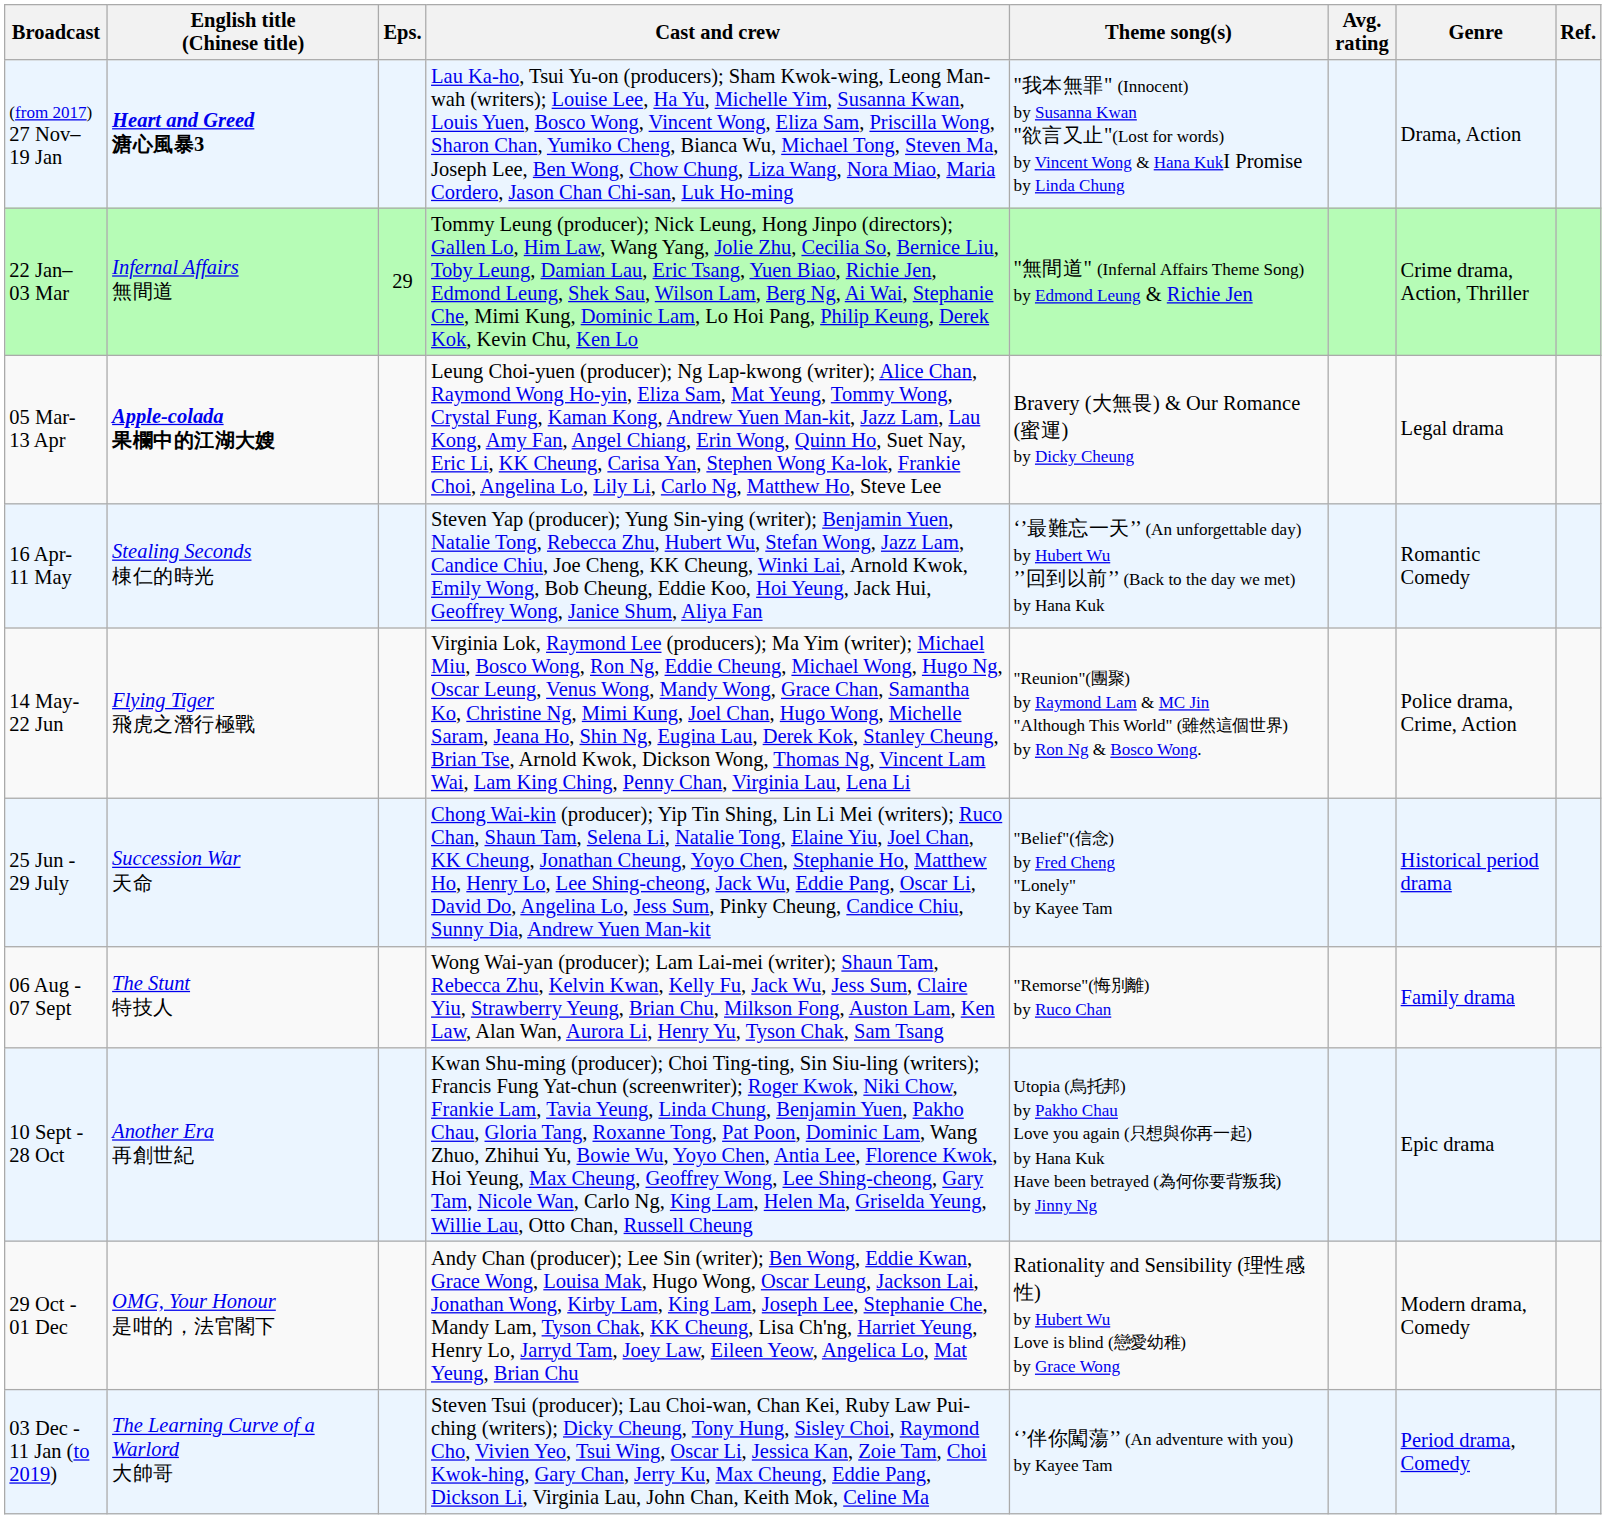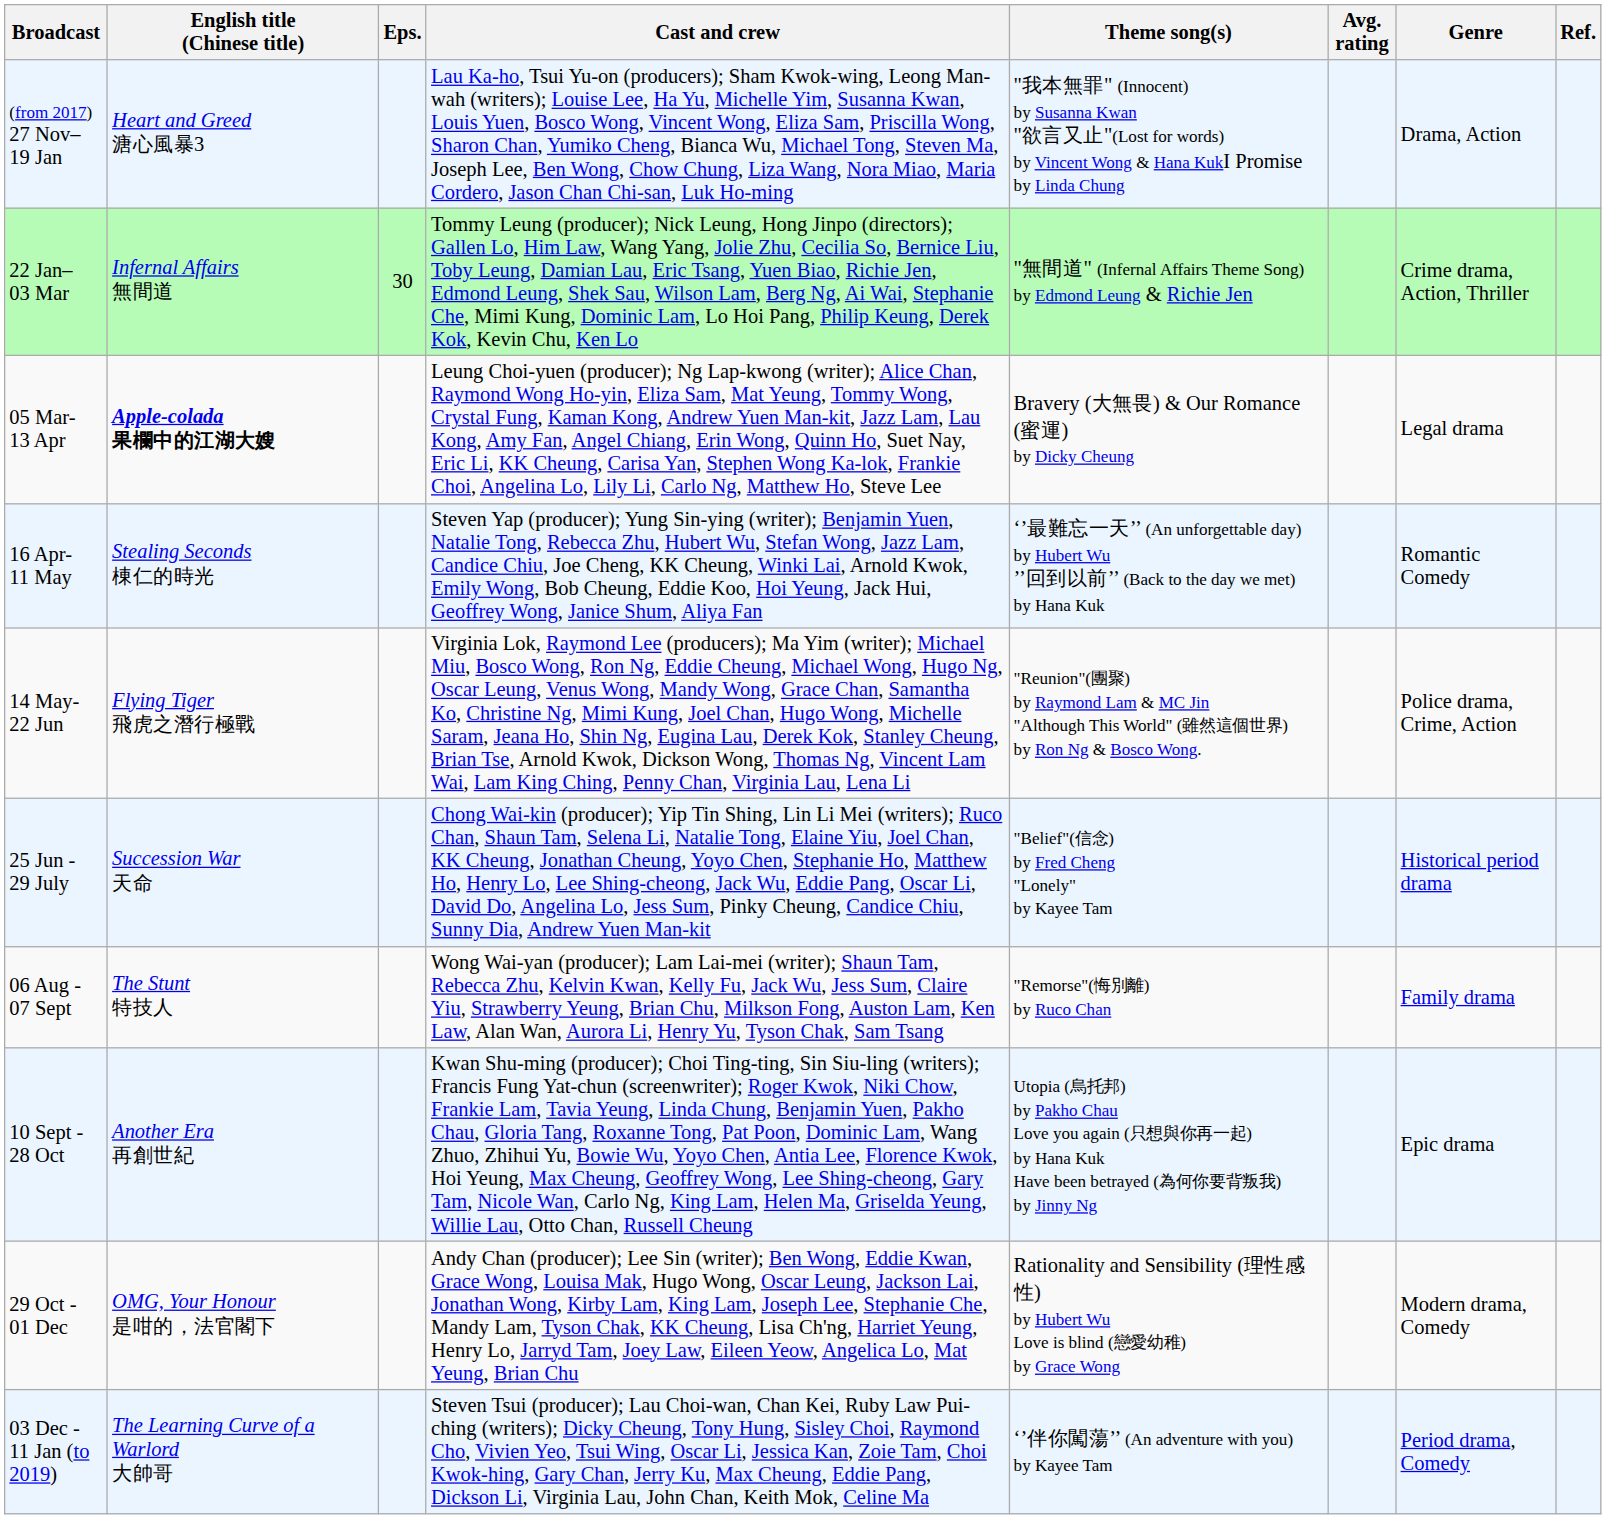 <table class="wikitable sortable">
 <tr>
 <th>Broadcast</th>
 <th style="width:17%;">English title <br> (Chinese title)</th>
 <th>Eps.</th>
 <th>Cast and crew</th>
 <th style="width:20%;">Theme song(s)</th>
 <th>Avg. rating</th>
 <th style="width:10%;">Genre</th>
 <th>Ref.</th>
 </tr>
 <tr ---- bgcolor="#ebf5ff">
 <td><small>(<a href='#'>from 2017</a>) </small><br>27 Nov–<br> 19 Jan</td>
-<td><strong><em><a href='#'>Heart and Greed</a></em><br>溏心風暴3</strong></td>
+<td><em><a href='#'>Heart and Greed</a></em><br>溏心風暴3</td>
 <td></td>
 <td><a href='#'>Lau Ka-ho</a>, Tsui Yu-on (producers); Sham Kwok-wing, Leong Man-wah (writers); <a href='#'>Louise Lee</a>, <a href='#'>Ha Yu</a>, <a href='#'>Michelle Yim</a>, <a href='#'>Susanna Kwan</a>, <a href='#'>Louis Yuen</a>, <a href='#'>Bosco Wong</a>, <a href='#'>Vincent Wong</a>, <a href='#'>Eliza Sam</a>, <a href='#'>Priscilla Wong</a>, <a href='#'>Sharon Chan</a>, <a href='#'>Yumiko Cheng</a>, Bianca Wu, <a href='#'>Michael Tong</a>, <a href='#'>Steven Ma</a>, Joseph Lee, <a href='#'>Ben Wong</a>, <a href='#'>Chow Chung</a>, <a href='#'>Liza Wang</a>, <a href='#'>Nora Miao</a>, <a href='#'>Maria Cordero</a>, <a href='#'>Jason Chan Chi-san</a>, <a href='#'>Luk Ho-ming</a></td>
 <td>"我本無罪" <small>(Innocent)</small><br><small>by <a href='#'>Susanna Kwan</a></small> <br>"欲言又止"<small>(Lost for words)</small><br><small>by <a href='#'>Vincent Wong</a> & <a href='#'>Hana Kuk</a></small>I Promise<br><small>by <a href='#'>Linda Chung</a></small></td>
 <td></td>
 <td>Drama, Action</td>
 <td></td>
 </tr>
 <tr --- bgcolor="#b6fcb6">
 <td>22 Jan–<br>03 Mar</td>
 <td><em><a href='#'>Infernal Affairs</a></em> <br>無間道</td>
-<td style="text-align:center;">29</td>
+<td style="text-align:center;">30</td>
 <td>Tommy Leung (producer); Nick Leung, Hong Jinpo (directors); <a href='#'>Gallen Lo</a>, <a href='#'>Him Law</a>, Wang Yang, <a href='#'>Jolie Zhu</a>, <a href='#'>Cecilia So</a>, <a href='#'>Bernice Liu</a>, <a href='#'>Toby Leung</a>, <a href='#'>Damian Lau</a>, <a href='#'>Eric Tsang</a>, <a href='#'>Yuen Biao</a>, <a href='#'>Richie Jen</a>, <a href='#'>Edmond Leung</a>, <a href='#'>Shek Sau</a>, <a href='#'>Wilson Lam</a>, <a href='#'>Berg Ng</a>, <a href='#'>Ai Wai</a>, <a href='#'>Stephanie Che</a>, Mimi Kung, <a href='#'>Dominic Lam</a>, Lo Hoi Pang, <a href='#'>Philip Keung</a>, <a href='#'>Derek Kok</a>, Kevin Chu, <a href='#'>Ken Lo</a></td>
 <td>"無間道" <small>(Infernal Affairs Theme Song)</small><br><small>by <a href='#'>Edmond Leung</a></small> & <a href='#'>Richie Jen</a></td>
 <td></td>
 <td>Crime drama, Action, Thriller</td>
 <td></td>
 </tr>
 <tr>
 <td>05 Mar-<br>13 Apr</td>
 <td><strong><em><a href='#'>Apple-colada</a></em> <br>果欄中的江湖大嫂</strong></td>
 <td></td>
 <td>Leung Choi-yuen (producer); Ng Lap-kwong (writer); <a href='#'>Alice Chan</a>, <a href='#'>Raymond Wong Ho-yin</a>, <a href='#'>Eliza Sam</a>,  <a href='#'>Mat Yeung</a>, <a href='#'>Tommy Wong</a>, <a href='#'>Crystal Fung</a>, <a href='#'>Kaman Kong</a>, <a href='#'>Andrew Yuen Man-kit</a>, <a href='#'>Jazz Lam</a>, <a href='#'>Lau Kong</a>, <a href='#'>Amy Fan</a>, <a href='#'>Angel Chiang</a>, <a href='#'>Erin Wong</a>, <a href='#'>Quinn Ho</a>, Suet Nay, <a href='#'>Eric Li</a>, <a href='#'>KK Cheung</a>, <a href='#'>Carisa Yan</a>, <a href='#'>Stephen Wong Ka-lok</a>, <a href='#'>Frankie Choi</a>, <a href='#'>Angelina Lo</a>, <a href='#'>Lily Li</a>, <a href='#'>Carlo Ng</a>, <a href='#'>Matthew Ho</a>, Steve Lee</td>
 <td>Bravery (大無畏) & Our Romance (蜜運) <br> <small> by <a href='#'>Dicky Cheung</a> </small></td>
 <td></td>
 <td>Legal drama</td>
 <td></td>
 </tr>
 <tr --- bgcolor="#ebf5ff">
 <td>16 Apr-<br>11 May</td>
 <td><em><a href='#'>Stealing Seconds</a></em> <br>棟仁的時光</td>
 <td style=“text-align:center;”></td>
 <td>Steven Yap (producer); Yung Sin-ying (writer); <a href='#'>Benjamin Yuen</a>, <a href='#'>Natalie Tong</a>, <a href='#'>Rebecca Zhu</a>, <a href='#'>Hubert Wu</a>, <a href='#'>Stefan Wong</a>, <a href='#'>Jazz Lam</a>, <a href='#'>Candice Chiu</a>, Joe Cheng, KK Cheung, <a href='#'>Winki Lai</a>, Arnold Kwok, <a href='#'>Emily Wong</a>, Bob Cheung, Eddie Koo, <a href='#'>Hoi Yeung</a>, Jack Hui, <a href='#'>Geoffrey Wong</a>, <a href='#'>Janice Shum</a>, <a href='#'>Aliya Fan</a></td>
 <td>‘’最難忘一天’’ <small>(An unforgettable day)</small><br><small> by <a href='#'>Hubert Wu</a></small> <br>’’回到以前’’ <small>(Back to the day we met)</small><br><small>by Hana Kuk</small></td>
 <td></td>
 <td>Romantic Comedy</td>
 <td></td>
 </tr>
 <tr>
 <td>14 May-<br>22 Jun</td>
 <td><em><a href='#'>Flying Tiger</a></em> <br>飛虎之潛行極戰</td>
 <td></td>
 <td>Virginia Lok, <a href='#'>Raymond Lee</a> (producers); Ma Yim (writer); <a href='#'>Michael Miu</a>, <a href='#'>Bosco Wong</a>, <a href='#'>Ron Ng</a>, <a href='#'>Eddie Cheung</a>, <a href='#'>Michael Wong</a>, <a href='#'>Hugo Ng</a>,  <a href='#'>Oscar Leung</a>, <a href='#'>Venus Wong</a>, <a href='#'>Mandy Wong</a>, <a href='#'>Grace Chan</a>, <a href='#'>Samantha Ko</a>, <a href='#'>Christine Ng</a>, <a href='#'>Mimi Kung</a>, <a href='#'>Joel Chan</a>, <a href='#'>Hugo Wong</a>, <a href='#'>Michelle Saram</a>, <a href='#'>Jeana Ho</a>, <a href='#'>Shin Ng</a>, <a href='#'>Eugina Lau</a>, <a href='#'>Derek Kok</a>, <a href='#'>Stanley Cheung</a>, <a href='#'>Brian Tse</a>, Arnold Kwok, Dickson Wong, <a href='#'>Thomas Ng</a>, <a href='#'>Vincent Lam Wai</a>, <a href='#'>Lam King Ching</a>, <a href='#'>Penny Chan</a>, <a href='#'>Virginia Lau</a>, <a href='#'>Lena Li</a></td>
 <td><small>"Reunion"(團聚) </small>  <small> <br> by <a href='#'>Raymond Lam</a> & <a href='#'>MC Jin</a> </small> <br>  <small> "Although This World" (雖然這個世界) </small> <br> <small> by <a href='#'>Ron Ng</a> & <a href='#'>Bosco Wong</a>.<br> </small></td>
 <td></td>
 <td>Police drama, Crime, Action</td>
 <td></td>
 </tr>
 <tr --- bgcolor="#ebf5ff">
 <td>25 Jun -<br>29 July</td>
 <td><em><a href='#'>Succession War</a></em><br>天命</td>
 <td></td>
 <td><a href='#'>Chong Wai-kin</a> (producer); Yip Tin Shing, Lin Li Mei (writers); <a href='#'>Ruco Chan</a>, <a href='#'>Shaun Tam</a>, <a href='#'>Selena Li</a>, <a href='#'>Natalie Tong</a>, <a href='#'>Elaine Yiu</a>, <a href='#'>Joel Chan</a>, <a href='#'>KK Cheung</a>, <a href='#'>Jonathan Cheung</a>, <a href='#'>Yoyo Chen</a>, <a href='#'>Stephanie Ho</a>, <a href='#'>Matthew Ho</a>, <a href='#'>Henry Lo</a>, <a href='#'>Lee Shing-cheong</a>, <a href='#'>Jack Wu</a>, <a href='#'>Eddie Pang</a>, <a href='#'>Oscar Li</a>, <a href='#'>David Do</a>, <a href='#'>Angelina Lo</a>, <a href='#'>Jess Sum</a>, Pinky Cheung, <a href='#'>Candice Chiu</a>, <a href='#'>Sunny Dia</a>, <a href='#'>Andrew Yuen Man-kit</a></td>
 <td><small>"Belief"(信念) </small> <br> <small> by <a href='#'>Fred Cheng</a> </small> <br> <small> "Lonely" </small> <br> <small> by Kayee Tam</small></td>
 <td></td>
 <td><a href='#'>Historical period drama</a></td>
 <td></td>
 </tr>
 <tr>
 <td>06 Aug -<br>07 Sept</td>
 <td><em><a href='#'>The Stunt</a></em> <br>特技人</td>
 <td></td>
 <td>Wong Wai-yan (producer); Lam Lai-mei (writer); <a href='#'>Shaun Tam</a>,  <a href='#'>Rebecca Zhu</a>, <a href='#'>Kelvin Kwan</a>, <a href='#'>Kelly Fu</a>, <a href='#'>Jack Wu</a>, <a href='#'>Jess Sum</a>, <a href='#'>Claire Yiu</a>, <a href='#'>Strawberry Yeung</a>, <a href='#'>Brian Chu</a>,  <a href='#'>Milkson Fong</a>, <a href='#'>Auston Lam</a>, <a href='#'>Ken Law</a>, Alan Wan, <a href='#'>Aurora Li</a>, <a href='#'>Henry Yu</a>, <a href='#'>Tyson Chak</a>, <a href='#'>Sam Tsang</a></td>
 <td><small>"Remorse"(悔別離) </small> <br> <small> by <a href='#'>Ruco Chan</a></small></td>
 <td></td>
 <td><a href='#'>Family drama</a></td>
 <td></td>
 </tr>
 <tr --- bgcolor="#ebf5ff">
 <td>10 Sept -<br>28 Oct</td>
 <td><em><a href='#'>Another Era</a></em> <br>再創世紀</td>
 <td></td>
 <td>Kwan Shu-ming (producer); Choi Ting-ting, Sin Siu-ling (writers); Francis Fung Yat-chun (screenwriter); <a href='#'>Roger Kwok</a>, <a href='#'>Niki Chow</a>, <a href='#'>Frankie Lam</a>, <a href='#'>Tavia Yeung</a>, <a href='#'>Linda Chung</a>, <a href='#'>Benjamin Yuen</a>, <a href='#'>Pakho Chau</a>, <a href='#'>Gloria Tang</a>, <a href='#'>Roxanne Tong</a>, <a href='#'>Pat Poon</a>, <a href='#'>Dominic Lam</a>, Wang Zhuo, Zhihui Yu, <a href='#'>Bowie Wu</a>, <a href='#'>Yoyo Chen</a>, <a href='#'>Antia Lee</a>, <a href='#'>Florence Kwok</a>, Hoi Yeung, <a href='#'>Max Cheung</a>, <a href='#'>Geoffrey Wong</a>, <a href='#'>Lee Shing-cheong</a>, <a href='#'>Gary Tam</a>, <a href='#'>Nicole Wan</a>, Carlo Ng, <a href='#'>King Lam</a>, <a href='#'>Helen Ma</a>, <a href='#'>Griselda Yeung</a>, <a href='#'>Willie Lau</a>, Otto Chan, <a href='#'>Russell Cheung</a></td>
 <td><small> Utopia (烏托邦)</small> <br> <small> by <a href='#'>Pakho Chau</a></small> <br> <small> Love you again (只想與你再一起)</small> <br> <small> by Hana Kuk </small> <br> <small> Have been betrayed (為何你要背叛我) </small> <br> <small> by <a href='#'>Jinny Ng</a></small></td>
 <td></td>
 <td>Epic drama</td>
 <td></td>
 </tr>
 <tr>
 <td>29 Oct -<br>01 Dec</td>
 <td><em><a href='#'>OMG, Your Honour</a></em><br>是咁的，法官閣下</td>
 <td></td>
 <td>Andy Chan (producer); Lee Sin (writer); <a href='#'>Ben Wong</a>, <a href='#'>Eddie Kwan</a>, <a href='#'>Grace Wong</a>, <a href='#'>Louisa Mak</a>, Hugo Wong, <a href='#'>Oscar Leung</a>, <a href='#'>Jackson Lai</a>, <a href='#'>Jonathan Wong</a>, <a href='#'>Kirby Lam</a>, <a href='#'>King Lam</a>, <a href='#'>Joseph Lee</a>, <a href='#'>Stephanie Che</a>, Mandy Lam, <a href='#'>Tyson Chak</a>, <a href='#'>KK Cheung</a>, Lisa Ch'ng, <a href='#'>Harriet Yeung</a>, Henry Lo, <a href='#'>Jarryd Tam</a>, <a href='#'>Joey Law</a>, <a href='#'>Eileen Yeow</a>, <a href='#'>Angelica Lo</a>, <a href='#'>Mat Yeung</a>, <a href='#'>Brian Chu</a></td>
 <td>Rationality and Sensibility (理性感性) <br> <small> by <a href='#'>Hubert Wu</a> </small> <br> <small> Love is blind (戀愛幼稚) </small> <br> <small> by <a href='#'>Grace Wong</a></small></td>
 <td></td>
 <td>Modern drama, Comedy</td>
 <td></td>
 </tr>
 <tr --- bgcolor="#ebf5ff">
 <td>03 Dec -<br>11 Jan (<a href='#'>to 2019</a>)</td>
 <td><em><a href='#'>The Learning Curve of a Warlord</a></em><br> 大帥哥</td>
 <td></td>
 <td>Steven Tsui (producer); Lau Choi-wan, Chan Kei, Ruby Law Pui-ching (writers); <a href='#'>Dicky Cheung</a>, <a href='#'>Tony Hung</a>, <a href='#'>Sisley Choi</a>, <a href='#'>Raymond Cho</a>, <a href='#'>Vivien Yeo</a>, <a href='#'>Tsui Wing</a>, <a href='#'>Oscar Li</a>, <a href='#'>Jessica Kan</a>, <a href='#'>Zoie Tam</a>, <a href='#'>Choi Kwok-hing</a>, <a href='#'>Gary Chan</a>, <a href='#'>Jerry Ku</a>, <a href='#'>Max Cheung</a>, <a href='#'>Eddie Pang</a>, <a href='#'>Dickson Li</a>, Virginia Lau, John Chan, Keith Mok, <a href='#'>Celine Ma</a></td>
 <td>‘’伴你闖蕩’’ <small>(An adventure with you)</small><br><small> by Kayee Tam </small></td>
 <td></td>
 <td><a href='#'>Period drama</a>, <a href='#'>Comedy</a></td>
 <td></td>
 </tr>
 </table>
